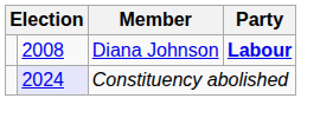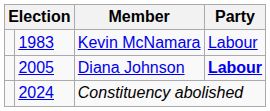 <table class="wikitable">
 <tr>
 <th colspan="2">Election</th>
 <th>Member</th>
 <th>Party</th>
 </tr>
 <tr>
 <td style="color:inherit;background-color: "></td>
-<td><a href='#'>2008</a></td>
+<td><a href='#'>1983</a></td>
+<td><a href='#'>Kevin McNamara</a></td>
+<td><a href='#'>Labour</a></td>
+</tr>
+<tr>
+<td style="color:inherit;background-color: "></td>
+<td><a href='#'>2005</a></td>
 <td><a href='#'>Diana Johnson</a></td>
 <td><strong><a href='#'>Labour</a></strong></td>
 </tr>
 <tr>
 <td></td>
-<td style="background: lavender;"><a href='#'>2024</a></td>
+<td><a href='#'>2024</a></td>
 <td colspan="2"><em>Constituency abolished</em></td>
 </tr>
 </table>
